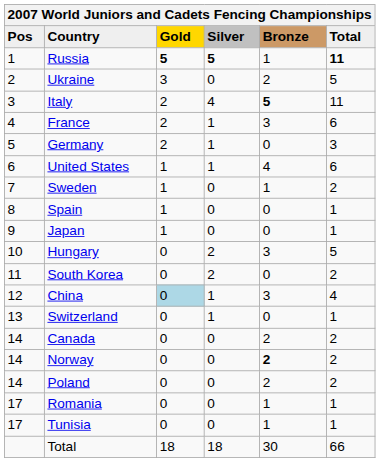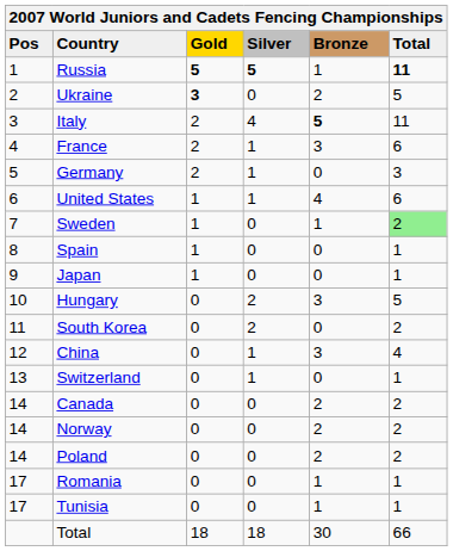 <table class="wikitable">
 <tr>
 <th colspan=6 style="border-right:0px;";><strong>2007 World Juniors and Cadets Fencing Championships</strong></th>
 </tr>
 <tr bgcolor="#efefef">
 <td><strong>Pos</strong></td>
 <td><strong>Country</strong></td>
 <td bgcolor="gold"><strong>Gold</strong></td>
 <td bgcolor="silver"><strong>Silver</strong></td>
 <td bgcolor="CC9966"><strong>Bronze</strong></td>
 <td><strong>Total</strong></td>
 </tr>
 <tr>
 <td>1</td>
 <td> <a href='#'>Russia</a></td>
 <td><strong>5</strong></td>
 <td><strong>5</strong></td>
 <td>1</td>
 <td><strong>11</strong></td>
 </tr>
 <tr>
 <td>2</td>
 <td> <a href='#'>Ukraine</a></td>
-<td>3</td>
+<td><strong>3</strong></td>
 <td>0</td>
 <td>2</td>
 <td>5</td>
 </tr>
 <tr>
 <td>3</td>
 <td> <a href='#'>Italy</a></td>
 <td>2</td>
 <td>4</td>
 <td><strong>5</strong></td>
 <td>11</td>
 </tr>
 <tr>
 <td>4</td>
 <td> <a href='#'>France</a></td>
 <td>2</td>
 <td>1</td>
 <td>3</td>
 <td>6</td>
 </tr>
 <tr>
 <td>5</td>
 <td> <a href='#'>Germany</a></td>
 <td>2</td>
 <td>1</td>
 <td>0</td>
 <td>3</td>
 </tr>
 <tr>
 <td>6</td>
 <td> <a href='#'>United States</a></td>
 <td>1</td>
 <td>1</td>
 <td>4</td>
 <td>6</td>
 </tr>
 <tr>
 <td>7</td>
 <td> <a href='#'>Sweden</a></td>
 <td>1</td>
 <td>0</td>
 <td>1</td>
-<td>2</td>
+<td style="background: lightgreen;">2</td>
 </tr>
 <tr>
 <td>8</td>
 <td> <a href='#'>Spain</a></td>
 <td>1</td>
 <td>0</td>
 <td>0</td>
 <td>1</td>
 </tr>
 <tr>
 <td>9</td>
 <td> <a href='#'>Japan</a></td>
 <td>1</td>
 <td>0</td>
 <td>0</td>
 <td>1</td>
 </tr>
 <tr>
 <td>10</td>
 <td> <a href='#'>Hungary</a></td>
 <td>0</td>
 <td>2</td>
 <td>3</td>
 <td>5</td>
 </tr>
 <tr>
 <td>11</td>
 <td> <a href='#'>South Korea</a></td>
 <td>0</td>
 <td>2</td>
 <td>0</td>
 <td>2</td>
 </tr>
 <tr>
 <td>12</td>
 <td> <a href='#'>China</a></td>
-<td style="background: lightblue;">0</td>
+<td>0</td>
 <td>1</td>
 <td>3</td>
 <td>4</td>
 </tr>
 <tr>
 <td>13</td>
 <td> <a href='#'>Switzerland</a></td>
 <td>0</td>
 <td>1</td>
 <td>0</td>
 <td>1</td>
 </tr>
 <tr>
 <td>14</td>
 <td> <a href='#'>Canada</a></td>
 <td>0</td>
 <td>0</td>
 <td>2</td>
 <td>2</td>
 </tr>
 <tr>
 <td>14</td>
 <td> <a href='#'>Norway</a></td>
 <td>0</td>
 <td>0</td>
-<td><strong>2</strong></td>
+<td>2</td>
 <td>2</td>
 </tr>
 <tr>
 <td>14</td>
 <td> <a href='#'>Poland</a></td>
 <td>0</td>
 <td>0</td>
 <td>2</td>
 <td>2</td>
 </tr>
 <tr>
 <td>17</td>
 <td> <a href='#'>Romania</a></td>
 <td>0</td>
 <td>0</td>
 <td>1</td>
 <td>1</td>
 </tr>
 <tr>
 <td>17</td>
 <td> <a href='#'>Tunisia</a></td>
 <td>0</td>
 <td>0</td>
 <td>1</td>
 <td>1</td>
 </tr>
 <tr>
 <td></td>
 <td>Total</td>
 <td>18</td>
 <td>18</td>
 <td>30</td>
 <td>66</td>
 </tr>
 </table>
